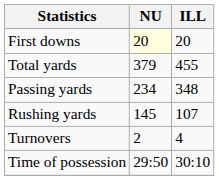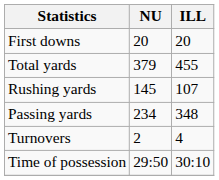 <table class="wikitable">
 <tr>
 <th>Statistics</th>
 <th>NU</th>
 <th>ILL</th>
 </tr>
 <tr>
 <td>First downs</td>
-<td style="background: lightyellow;">20</td>
+<td>20</td>
 <td>20</td>
 </tr>
 <tr>
 <td>Total yards</td>
 <td>379</td>
 <td>455</td>
 </tr>
 <tr>
+<td>Rushing yards</td>
+<td>145</td>
+<td>107</td>
+</tr>
+<tr>
 <td>Passing yards</td>
 <td>234</td>
 <td>348</td>
-</tr>
-<tr>
-<td>Rushing yards</td>
-<td>145</td>
-<td>107</td>
 </tr>
 <tr>
 <td>Turnovers</td>
 <td>2</td>
 <td>4</td>
 </tr>
 <tr>
 <td>Time of possession</td>
 <td>29:50</td>
 <td>30:10</td>
 </tr>
 <tr>
 </tr>
 </table>
